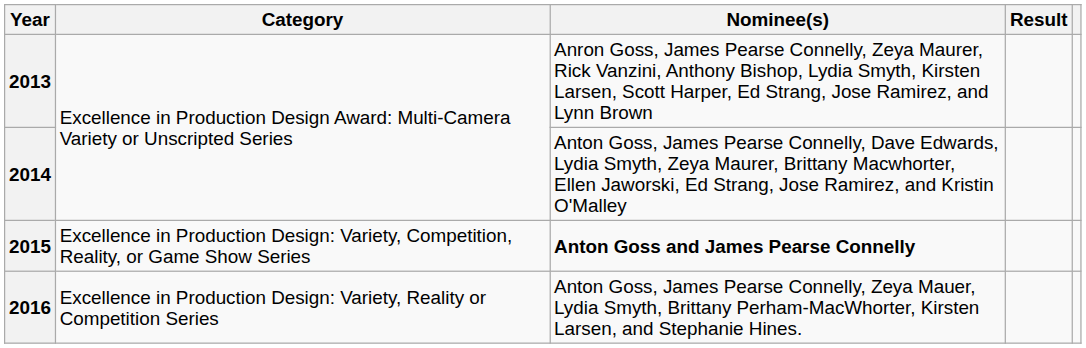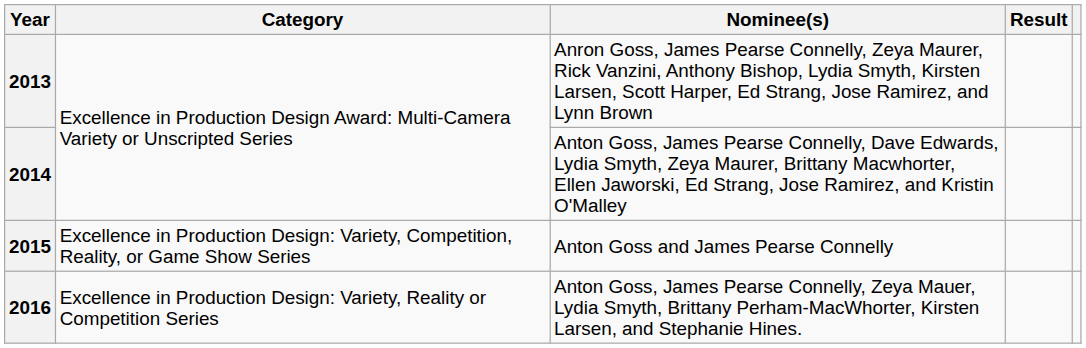 <table class="wikitable plainrowheaders" style="font-size: 95%">
 <tr>
 <th scope="col" style="width:4%;">Year</th>
 <th scope="col" style="width:50%;">Category</th>
 <th scope="col" style="width:50%;">Nominee(s)</th>
 <th scope="col" style="width:6%;">Result</th>
 <th scope="col" style="width:4%;"></th>
 </tr>
 <tr>
 <th scope="row">2013</th>
 <td rowspan="2">Excellence in Production Design Award: Multi-Camera Variety or Unscripted Series</td>
 <td>Anron Goss, James Pearse Connelly, Zeya Maurer, Rick Vanzini, Anthony Bishop, Lydia Smyth, Kirsten Larsen, Scott Harper, Ed Strang, Jose Ramirez, and Lynn Brown</td>
 <td></td>
 <td style="text-align:center;"></td>
 </tr>
 <tr>
 <th scope="row">2014</th>
 <td>Anton Goss, James Pearse Connelly, Dave Edwards, Lydia Smyth, Zeya Maurer, Brittany Macwhorter, Ellen Jaworski, Ed Strang, Jose Ramirez, and Kristin O'Malley</td>
 <td></td>
 <td style="text-align:center;"></td>
 </tr>
 <tr>
 <th scope="row">2015</th>
 <td>Excellence in Production Design: Variety, Competition, Reality, or Game Show Series</td>
-<td><strong>Anton Goss and James Pearse Connelly</strong></td>
+<td>Anton Goss and James Pearse Connelly</td>
 <td></td>
 <td style="text-align:center;"></td>
 </tr>
 <tr>
 <th scope="row">2016</th>
 <td>Excellence in Production Design: Variety, Reality or Competition Series</td>
 <td>Anton Goss, James Pearse Connelly, Zeya Mauer, Lydia Smyth, Brittany Perham-MacWhorter, Kirsten Larsen, and Stephanie Hines.</td>
 <td></td>
 <td style="text-align:center;"></td>
 </tr>
 </table>
